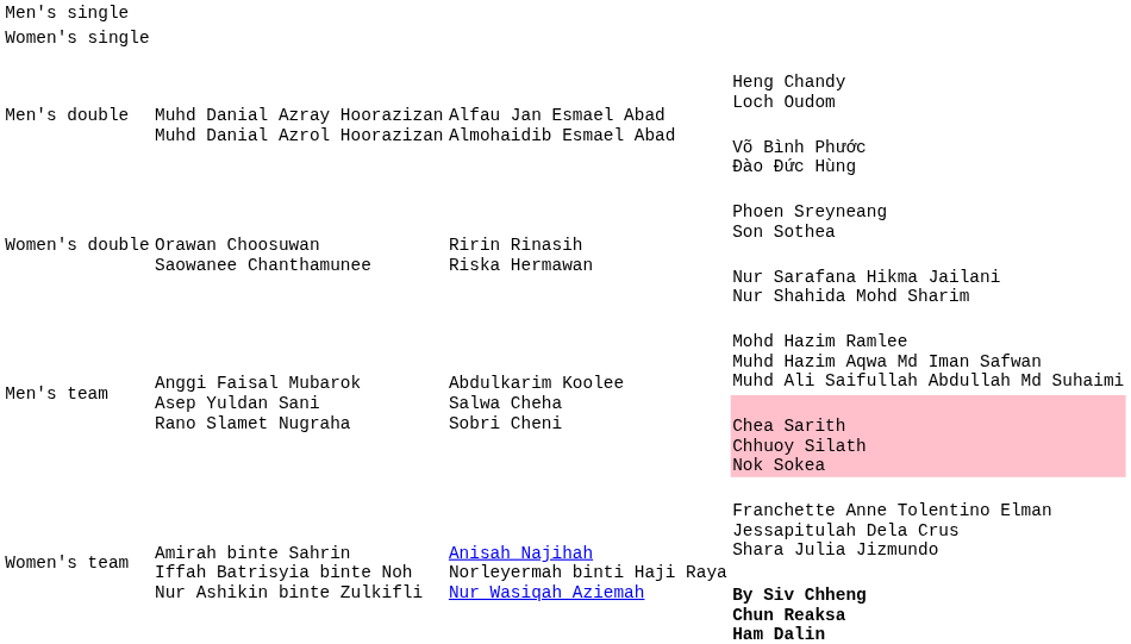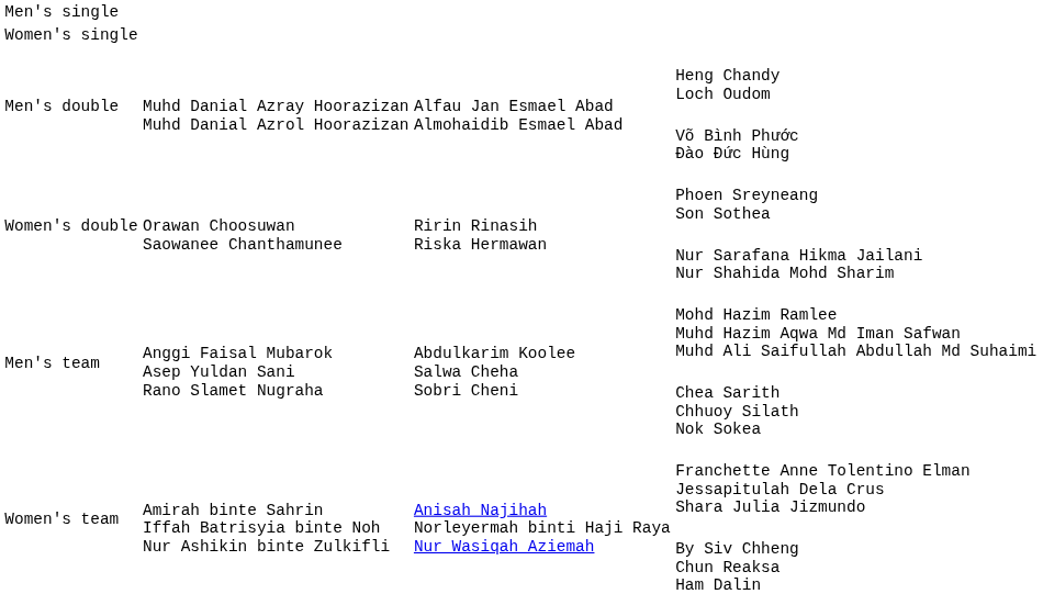 <table>
 <tr>
 <td rowspan=2>Men's single</td>
 <td rowspan=2></td>
 <td rowspan=2></td>
 <td></td>
 </tr>
 <tr>
 <td></td>
 </tr>
 <tr>
 <td rowspan=2>Women's single</td>
 <td rowspan=2></td>
 <td rowspan=2></td>
 <td></td>
 </tr>
 <tr>
 <td></td>
 </tr>
 <tr>
 <td rowspan=2>Men's double</td>
 <td rowspan=2 nowrap><br>Muhd Danial Azray Hoorazizan<br>Muhd Danial Azrol Hoorazizan</td>
 <td rowspan=2><br>Alfau Jan Esmael Abad<br>Almohaidib Esmael Abad</td>
 <td><br>Heng Chandy<br>Loch Oudom</td>
 </tr>
 <tr>
 <td><br>Võ Bình Phước<br>Đào Đức Hùng</td>
 </tr>
 <tr>
 <td rowspan=2>Women's double</td>
 <td rowspan=2><br>Orawan Choosuwan<br>Saowanee Chanthamunee</td>
 <td rowspan=2><br>Ririn Rinasih<br>Riska Hermawan</td>
 <td><br>Phoen Sreyneang<br>Son Sothea</td>
 </tr>
 <tr>
 <td><br>Nur Sarafana Hikma Jailani<br>Nur Shahida Mohd Sharim</td>
 </tr>
 <tr>
 <td rowspan=2>Men's team</td>
 <td rowspan=2><br>Anggi Faisal Mubarok<br>Asep Yuldan Sani<br>Rano Slamet Nugraha</td>
 <td rowspan=2><br>Abdulkarim Koolee<br>Salwa Cheha<br>Sobri Cheni</td>
 <td nowrap><br>Mohd Hazim Ramlee<br>Muhd Hazim Aqwa Md Iman Safwan<br>Muhd Ali Saifullah Abdullah Md Suhaimi</td>
 </tr>
 <tr>
-<td style="background: pink;"><br>Chea Sarith<br>Chhuoy Silath<br>Nok Sokea</td>
+<td><br>Chea Sarith<br>Chhuoy Silath<br>Nok Sokea</td>
 </tr>
 <tr>
 <td rowspan=2>Women's team</td>
 <td rowspan=2><br>Amirah binte Sahrin<br>Iffah Batrisyia binte Noh<br>Nur Ashikin binte Zulkifli</td>
 <td rowspan=2 nowrap><br><a href='#'>Anisah Najihah</a><br>Norleyermah binti Haji Raya<br><a href='#'>Nur Wasiqah Aziemah</a></td>
 <td><br>Franchette Anne Tolentino Elman<br>Jessapitulah Dela Crus<br>Shara Julia Jizmundo</td>
 </tr>
 <tr>
-<td><strong><br>By Siv Chheng<br>Chun Reaksa<br>Ham Dalin</strong></td>
+<td><br>By Siv Chheng<br>Chun Reaksa<br>Ham Dalin</td>
 </tr>
 <tr>
 </tr>
 </table>
